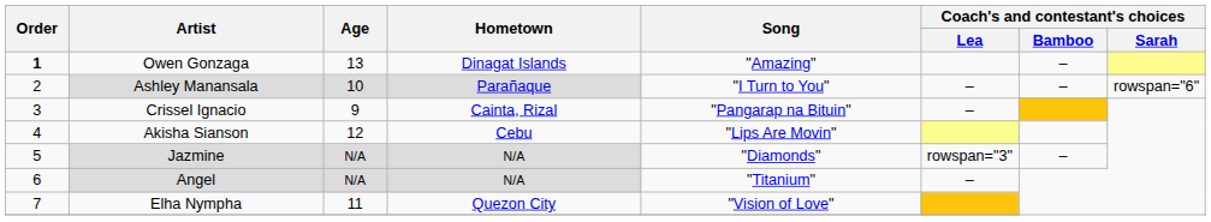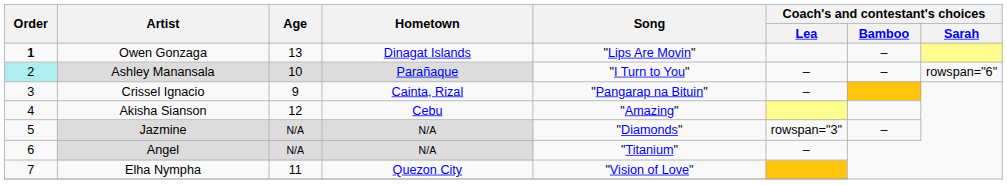 <table class="wikitable" style="text-align:center; line-height:17px; width:100%;">
 <tr>
 <th scope="col" rowspan="2" width="05%">Order</th>
 <th scope="col" rowspan="2" width="20%">Artist</th>
 <th scope="col" rowspan="2" width="05%">Age</th>
 <th scope="col" rowspan="2" width="20%">Hometown</th>
 <th scope="col" rowspan="2" width="22%">Song</th>
 <th scope="col" colspan="4" width="28%">Coach's and contestant's choices</th>
 </tr>
 <tr>
 <th width="07%"><a href='#'>Lea</a></th>
 <th width="07%"><a href='#'>Bamboo</a></th>
 <th width="07%"><a href='#'>Sarah</a></th>
 </tr>
 <tr>
 <td scope="row"><strong>1</strong></td>
 <td>Owen Gonzaga</td>
 <td>13</td>
 <td><a href='#'>Dinagat Islands</a></td>
-<td>"<a href='#'>Amazing</a>"</td>
+<td>"<a href='#'>Lips Are Movin</a>"</td>
 <td><strong></strong></td>
 <td>–</td>
 <td style="background:#fdfc8f;"><strong></strong></td>
 </tr>
 <tr>
-<td scope="row">2</td>
+<td scope="row" style="background: paleturquoise;">2</td>
 <td style="background:#DCDCDC;">Ashley Manansala</td>
 <td style="background:#DCDCDC;">10</td>
 <td style="background:#DCDCDC;"><a href='#'>Parañaque</a></td>
 <td>"<a href='#'>I Turn to You</a>"</td>
 <td>–</td>
 <td>–</td>
 <td>rowspan="6" </td>
 </tr>
 <tr>
 <td scope="row">3</td>
 <td>Crissel Ignacio</td>
 <td>9</td>
 <td><a href='#'>Cainta, Rizal</a></td>
 <td>"<a href='#'>Pangarap na Bituin</a>"</td>
 <td>–</td>
 <td style="background:#FFC40C;"><strong></strong></td>
 </tr>
 <tr>
 <td scope="row">4</td>
 <td>Akisha Sianson</td>
 <td>12</td>
 <td><a href='#'>Cebu</a></td>
-<td>"<a href='#'>Lips Are Movin</a>"</td>
+<td>"<a href='#'>Amazing</a>"</td>
 <td style="background:#fdfc8f;"><strong></strong></td>
 <td><strong></strong></td>
 </tr>
 <tr>
 <td scope="row">5</td>
 <td style="background:#DCDCDC;">Jazmine</td>
 <td style="background:#DCDCDC;"><small>N/A</small></td>
 <td style="background:#DCDCDC;"><small>N/A</small></td>
 <td>"<a href='#'>Diamonds</a>"</td>
 <td>rowspan="3" </td>
 <td>–</td>
 </tr>
 <tr>
 <td scope="row">6</td>
 <td style="background:#DCDCDC;">Angel</td>
 <td style="background:#DCDCDC;"><small>N/A</small></td>
 <td style="background:#DCDCDC;"><small>N/A</small></td>
 <td>"<a href='#'>Titanium</a>"</td>
 <td>–</td>
 </tr>
 <tr>
 <td scope="row">7</td>
 <td>Elha Nympha</td>
 <td>11</td>
 <td><a href='#'>Quezon City</a></td>
 <td>"<a href='#'>Vision of Love</a>"</td>
 <td style="background:#FFC40C;"><strong></strong></td>
 </tr>
 <tr>
 </tr>
 </table>
